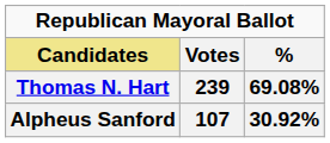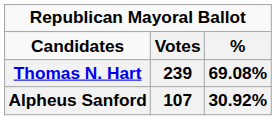 <table class="wikitable" style="text-align:center">
 <tr>
 <td colspan="3"><strong>Republican Mayoral Ballot</strong></td>
 </tr>
 <tr>
-<td style="background: khaki;"><strong>Candidates</strong></td>
+<td><strong>Candidates</strong></td>
 <th>Votes</th>
 <th>%</th>
 </tr>
 <tr>
 <th><a href='#'>Thomas N. Hart</a></th>
 <th>239</th>
 <th>69.08%</th>
 </tr>
 <tr>
 <th>Alpheus Sanford</th>
 <th>107</th>
 <th>30.92%</th>
 </tr>
 </table>
